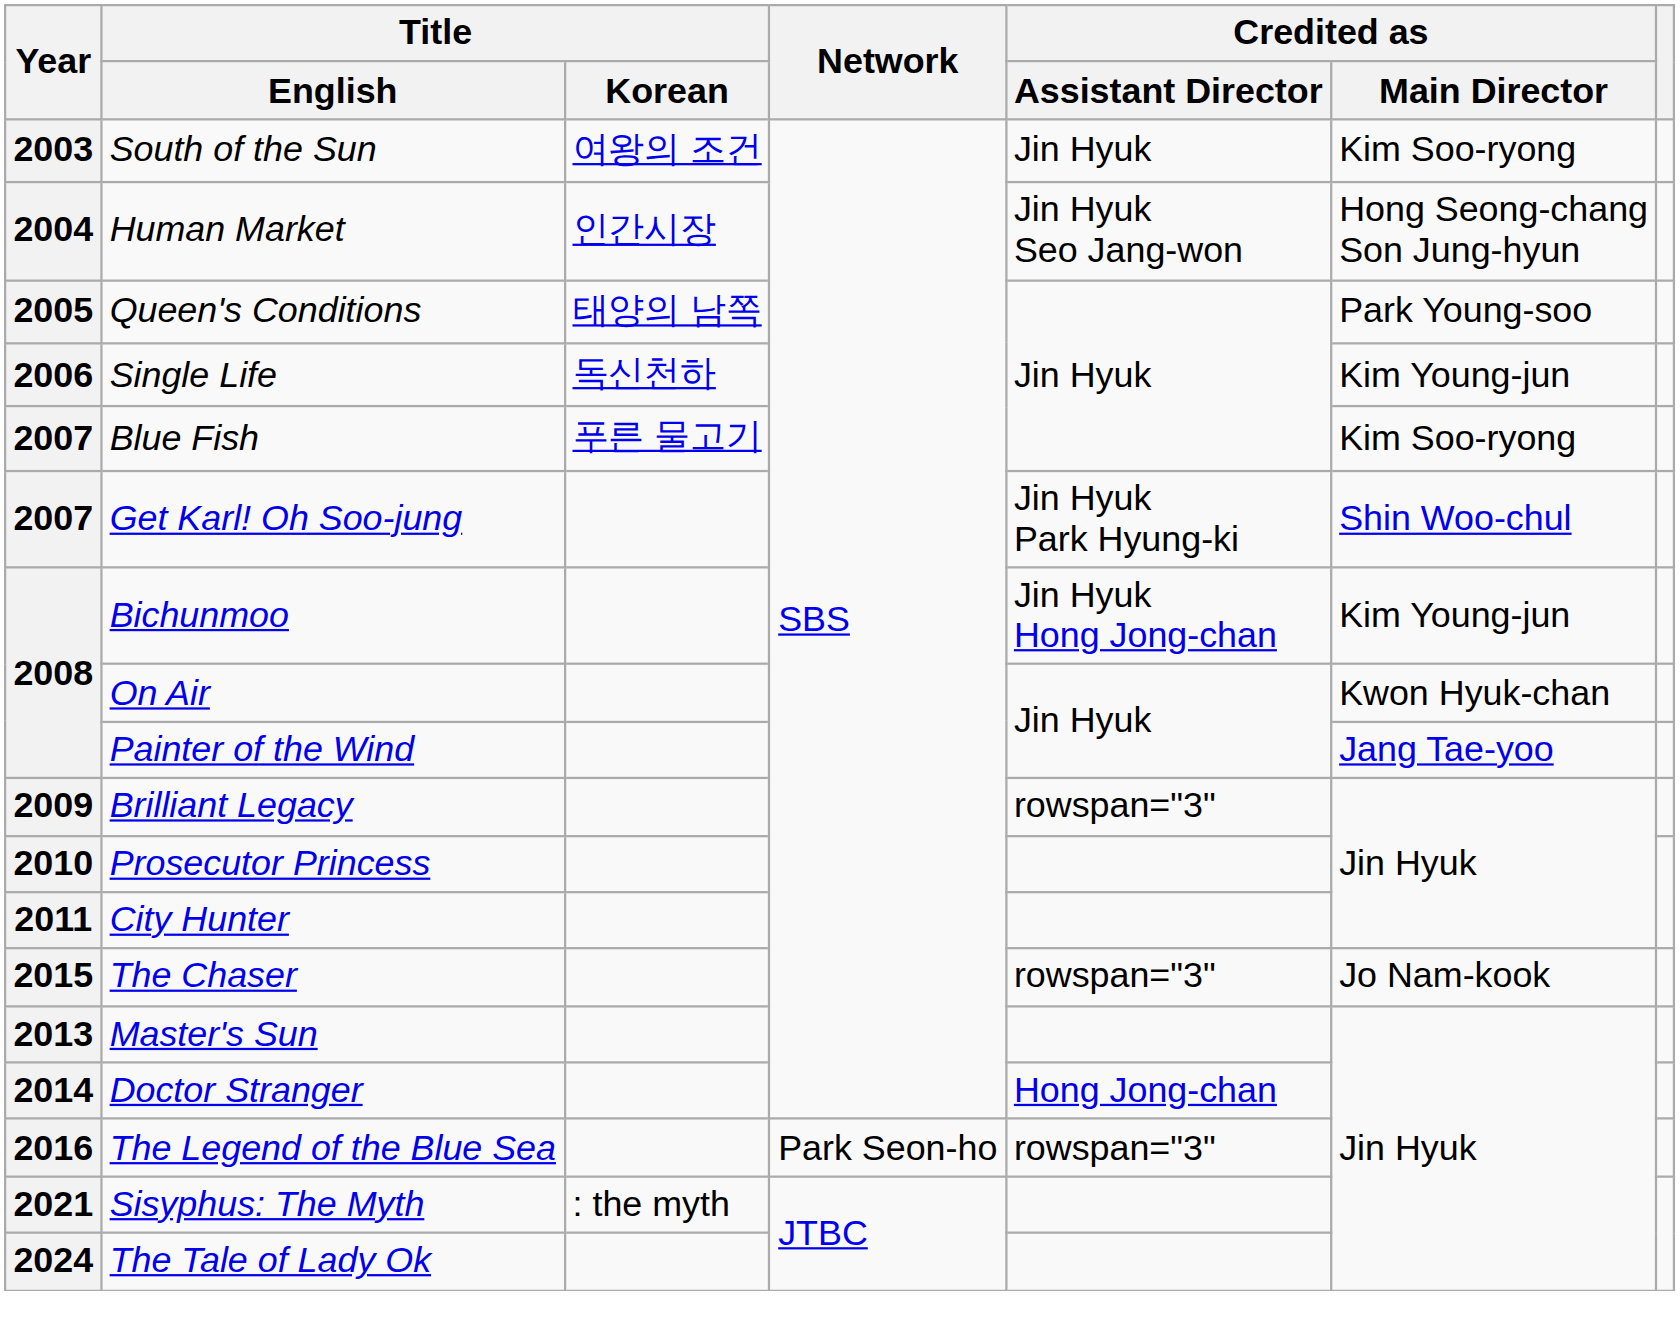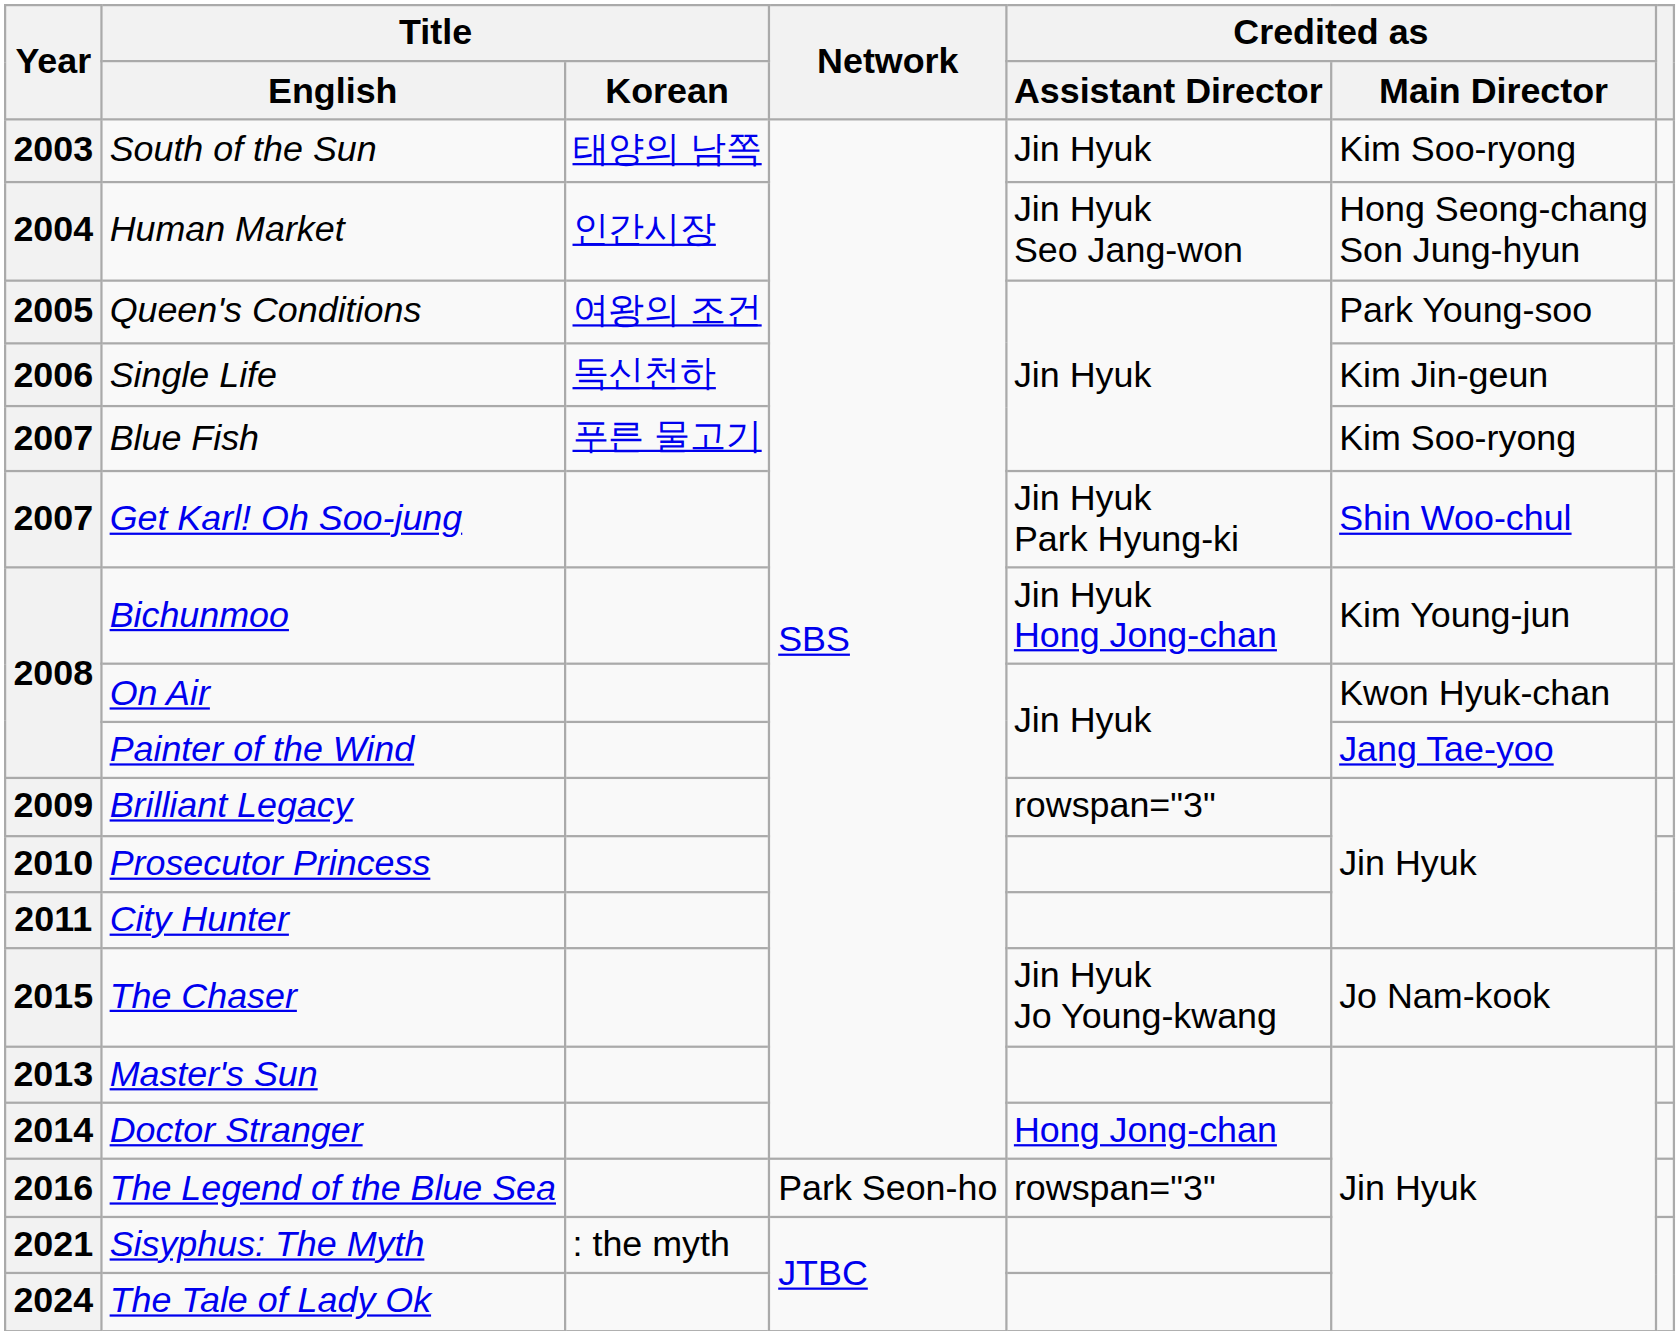 <table class="wikitable plainrowheaders sortable">
 <tr>
 <th rowspan="2" scope="col">Year</th>
 <th colspan="2" scope="col">Title</th>
 <th rowspan="2" scope="col">Network</th>
 <th colspan="2">Credited as</th>
 <th rowspan="2" scope="col" class="unsortable"></th>
 </tr>
 <tr>
 <th>English</th>
 <th>Korean</th>
 <th>Assistant Director</th>
 <th>Main Director</th>
 </tr>
 <tr>
 <th scope="row">2003</th>
 <td><em>South of the Sun</em></td>
-<td><a href='#'>여왕의 조건</a></td>
+<td><a href='#'>태양의 남쪽</a></td>
 <td rowspan="15"><a href='#'>SBS</a></td>
 <td>Jin Hyuk</td>
 <td>Kim Soo-ryong</td>
 <td></td>
 </tr>
 <tr>
 <th scope="row">2004</th>
 <td><em>Human Market</em></td>
 <td><a href='#'>인간시장</a></td>
 <td>Jin Hyuk<br>Seo Jang-won</td>
 <td>Hong Seong-chang<br>Son Jung-hyun</td>
 <td></td>
 </tr>
 <tr>
 <th scope="row">2005</th>
 <td><em>Queen's Conditions</em></td>
-<td><a href='#'>태양의 남쪽</a></td>
+<td><a href='#'>여왕의 조건</a></td>
 <td rowspan="3">Jin Hyuk</td>
 <td>Park Young-soo</td>
 <td></td>
 </tr>
 <tr>
 <th scope="row">2006</th>
 <td><em>Single Life</em> </td>
 <td><a href='#'>독신천하</a></td>
-<td>Kim Young-jun</td>
+<td>Kim Jin-geun</td>
 <td></td>
 </tr>
 <tr>
 <th scope="row">2007</th>
 <td><em>Blue Fish</em></td>
 <td><a href='#'>푸른 물고기</a></td>
 <td>Kim Soo-ryong</td>
 <td></td>
 </tr>
 <tr>
 <th scope="row">2007</th>
 <td><em><a href='#'>Get Karl! Oh Soo-jung</a></em></td>
 <td></td>
 <td>Jin Hyuk<br>Park Hyung-ki</td>
 <td><a href='#'>Shin Woo-chul</a></td>
 <td></td>
 </tr>
 <tr>
 <th rowspan="3" scope="row">2008</th>
 <td><em><a href='#'>Bichunmoo</a></em></td>
 <td></td>
 <td>Jin Hyuk<br><a href='#'>Hong Jong-chan</a></td>
 <td>Kim Young-jun</td>
 <td></td>
 </tr>
 <tr>
 <td><em><a href='#'>On Air</a></em></td>
 <td></td>
 <td rowspan="2">Jin Hyuk</td>
 <td>Kwon Hyuk-chan</td>
 <td></td>
 </tr>
 <tr>
 <td><em><a href='#'>Painter of the Wind</a></em></td>
 <td></td>
 <td><a href='#'>Jang Tae-yoo</a></td>
 <td></td>
 </tr>
 <tr>
 <th scope="row">2009</th>
 <td><em><a href='#'>Brilliant Legacy</a></em></td>
 <td></td>
 <td>rowspan="3" </td>
 <td rowspan="3">Jin Hyuk</td>
 <td></td>
 </tr>
 <tr>
 <th scope="row">2010</th>
 <td><em><a href='#'>Prosecutor Princess</a></em></td>
 <td></td>
 <td></td>
 </tr>
 <tr>
 <th scope="row">2011</th>
 <td><em><a href='#'>City Hunter</a></em></td>
 <td></td>
 <td></td>
 </tr>
 <tr>
 <th scope="row">2015</th>
 <td><em><a href='#'>The Chaser</a></em></td>
 <td></td>
-<td>rowspan="3" </td>
+<td>Jin Hyuk<br>Jo Young-kwang</td>
 <td>Jo Nam-kook</td>
 <td></td>
 </tr>
 <tr>
 <th scope="row">2013</th>
 <td><em><a href='#'>Master's Sun</a></em></td>
 <td></td>
 <td></td>
 <td rowspan="5">Jin Hyuk</td>
 <td></td>
 </tr>
 <tr>
 <th scope="row">2014</th>
 <td><em><a href='#'>Doctor Stranger</a></em></td>
 <td></td>
 <td><a href='#'>Hong Jong-chan</a></td>
 <td></td>
 </tr>
 <tr>
 <th scope="row">2016</th>
 <td><em><a href='#'>The Legend of the Blue Sea</a></em></td>
 <td></td>
 <td>Park Seon-ho</td>
 <td>rowspan="3" </td>
 <td></td>
 </tr>
 <tr>
 <th scope="row">2021</th>
 <td><em><a href='#'>Sisyphus: The Myth</a></em></td>
 <td>: the myth</td>
 <td rowspan="2"><a href='#'>JTBC</a></td>
 <td></td>
 </tr>
 <tr>
 <th scope="row">2024</th>
 <td><em><a href='#'>The Tale of Lady Ok</a></em></td>
 <td></td>
 <td></td>
 </tr>
 </table>
